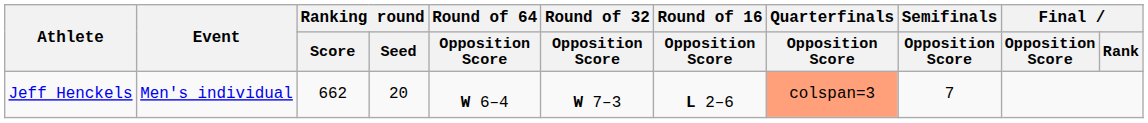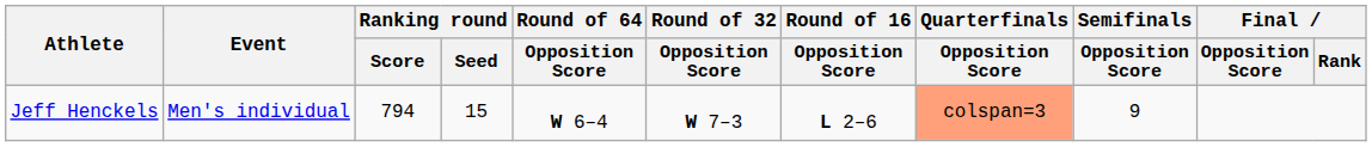 <table class="wikitable" style="font-size:90%">
 <tr>
 <th rowspan=2>Athlete</th>
 <th rowspan=2>Event</th>
 <th colspan=2>Ranking round</th>
 <th>Round of 64</th>
 <th>Round of 32</th>
 <th>Round of 16</th>
 <th>Quarterfinals</th>
 <th>Semifinals</th>
 <th colspan=2>Final / </th>
 </tr>
 <tr style="font-size:95%">
 <th>Score</th>
 <th>Seed</th>
 <th>Opposition<br>Score</th>
 <th>Opposition<br>Score</th>
 <th>Opposition<br>Score</th>
 <th>Opposition<br>Score</th>
 <th>Opposition<br>Score</th>
 <th>Opposition<br>Score</th>
 <th>Rank</th>
 </tr>
 <tr align=center>
 <td align=left><a href='#'>Jeff Henckels</a></td>
 <td align=left><a href='#'>Men's individual</a></td>
-<td>662</td>
-<td>20</td>
+<td>794</td>
+<td>15</td>
 <td><br><strong>W</strong> 6–4</td>
 <td><br><strong>W</strong> 7–3</td>
 <td><br><strong>L</strong> 2–6</td>
 <td style="background: lightsalmon;">colspan=3 </td>
-<td>7</td>
+<td>9</td>
 </tr>
 </table>
